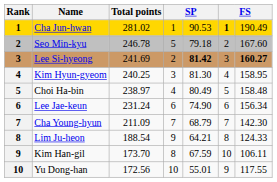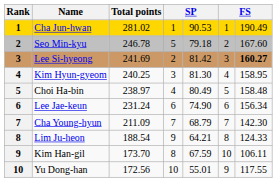 <table class="wikitable sortable">
 <tr>
 <th>Rank</th>
 <th>Name</th>
 <th>Total points</th>
 <th colspan="2" width="80px"><a href='#'>SP</a></th>
 <th colspan="2" width="80px"><a href='#'>FS</a></th>
 </tr>
 <tr bgcolor="gold">
 <td align="center"><strong>1</strong></td>
 <td><a href='#'>Cha Jun-hwan</a></td>
 <td align="center">281.02</td>
 <td align="center">1</td>
 <td align="center">90.53</td>
-<td align="center"><strong>1</strong></td>
+<td align="center">1</td>
 <td align="center">190.49</td>
 </tr>
 <tr bgcolor="silver">
 <td align="center"><strong>2</strong></td>
 <td><a href='#'>Seo Min-kyu</a></td>
 <td align="center">246.78</td>
 <td align="center">5</td>
 <td align="center">79.18</td>
 <td align="center">2</td>
 <td align="center">167.60</td>
 </tr>
 <tr bgcolor="cc9966">
 <td align="center"><strong>3</strong></td>
 <td><a href='#'>Lee Si-hyeong</a></td>
 <td align="center">241.69</td>
 <td align="center">2</td>
-<td align="center"><strong>81.42</strong></td>
+<td align="center">81.42</td>
 <td align="center">3</td>
 <td align="center"><strong>160.27</strong></td>
 </tr>
 <tr>
 <th>4</th>
 <td><a href='#'>Kim Hyun-gyeom</a></td>
 <td align="center">240.25</td>
 <td align="center">3</td>
 <td align="center">81.30</td>
 <td align="center">4</td>
 <td align="center">158.95</td>
 </tr>
 <tr>
 <th>5</th>
 <td>Choi Ha-bin</td>
 <td align="center">238.97</td>
 <td align="center">4</td>
 <td align="center">80.49</td>
 <td align="center">5</td>
 <td align="center">158.48</td>
 </tr>
 <tr>
 <th>6</th>
 <td><a href='#'>Lee Jae-keun</a></td>
 <td align="center">231.24</td>
 <td align="center">6</td>
 <td align="center">74.90</td>
 <td align="center">6</td>
 <td align="center">156.34</td>
 </tr>
 <tr>
 <th>7</th>
 <td><a href='#'>Cha Young-hyun</a></td>
 <td align="center">211.09</td>
 <td align="center">7</td>
 <td align="center">68.79</td>
 <td align="center">7</td>
 <td align="center">142.30</td>
 </tr>
 <tr>
 <th>8</th>
 <td><a href='#'>Lim Ju-heon</a></td>
 <td align="center">188.54</td>
 <td align="center">9</td>
 <td align="center">64.21</td>
 <td align="center">8</td>
 <td align="center">124.33</td>
 </tr>
 <tr>
 <th>9</th>
 <td>Kim Han-gil</td>
 <td align="center">173.70</td>
 <td align="center">8</td>
 <td align="center">67.59</td>
 <td align="center">10</td>
 <td align="center">106.11</td>
 </tr>
 <tr>
 <th>10</th>
 <td>Yu Dong-han</td>
 <td align="center">172.56</td>
 <td align="center">10</td>
 <td align="center">55.01</td>
 <td align="center">9</td>
 <td align="center">117.55</td>
 </tr>
 </table>
